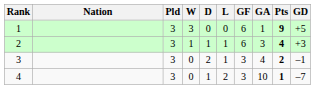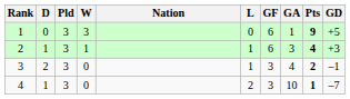 <table class="wikitable" style="text-align: center;">
 <tr>
 <th width=5>Rank</th>
-<th width=200>Nation</th>
+<th width=20>D</th>
 <th width=20>Pld</th>
 <th width=20>W</th>
-<th width=20>D</th>
+<th width=200>Nation</th>
 <th width=20>L</th>
 <th width=20>GF</th>
 <th width=20>GA</th>
 <th width=20>Pts</th>
 <th width=20>GD</th>
 </tr>
 <tr style="background:#ccffcc">
 <td>1</td>
-<td style="text-align:left"></td>
+<td>0</td>
 <td>3</td>
 <td>3</td>
-<td>0</td>
+<td style="text-align:left"></td>
 <td>0</td>
 <td>6</td>
 <td>1</td>
 <td><strong>9</strong></td>
 <td>+5</td>
 </tr>
 <tr style="background:#ccffcc">
 <td>2</td>
-<td style="text-align:left"></td>
+<td>1</td>
 <td>3</td>
 <td>1</td>
-<td>1</td>
+<td style="text-align:left"></td>
 <td>1</td>
 <td>6</td>
 <td>3</td>
 <td><strong>4</strong></td>
 <td>+3</td>
 </tr>
 <tr>
 <td>3</td>
-<td style="text-align:left"></td>
+<td>2</td>
 <td>3</td>
 <td>0</td>
-<td>2</td>
+<td style="text-align:left"></td>
 <td>1</td>
 <td>3</td>
 <td>4</td>
 <td><strong>2</strong></td>
 <td>–1</td>
 </tr>
 <tr>
 <td>4</td>
-<td style="text-align:left"></td>
+<td>1</td>
 <td>3</td>
 <td>0</td>
-<td>1</td>
+<td style="text-align:left"></td>
 <td>2</td>
 <td>3</td>
 <td>10</td>
 <td><strong>1</strong></td>
 <td>–7</td>
 </tr>
 </table>
